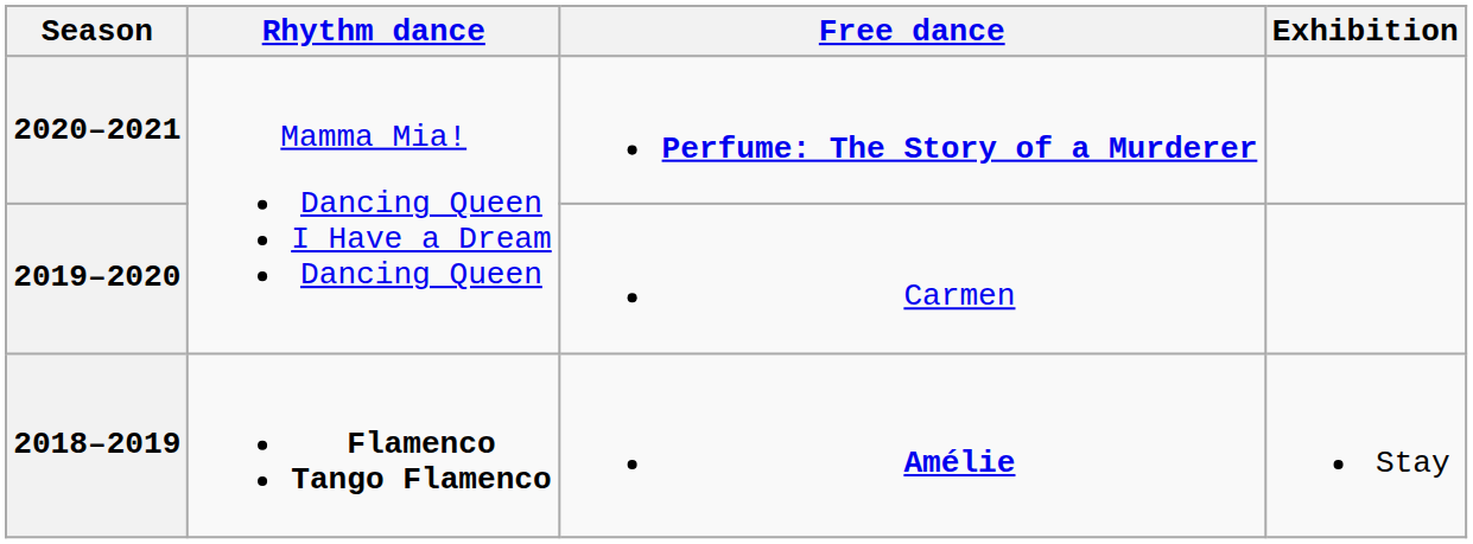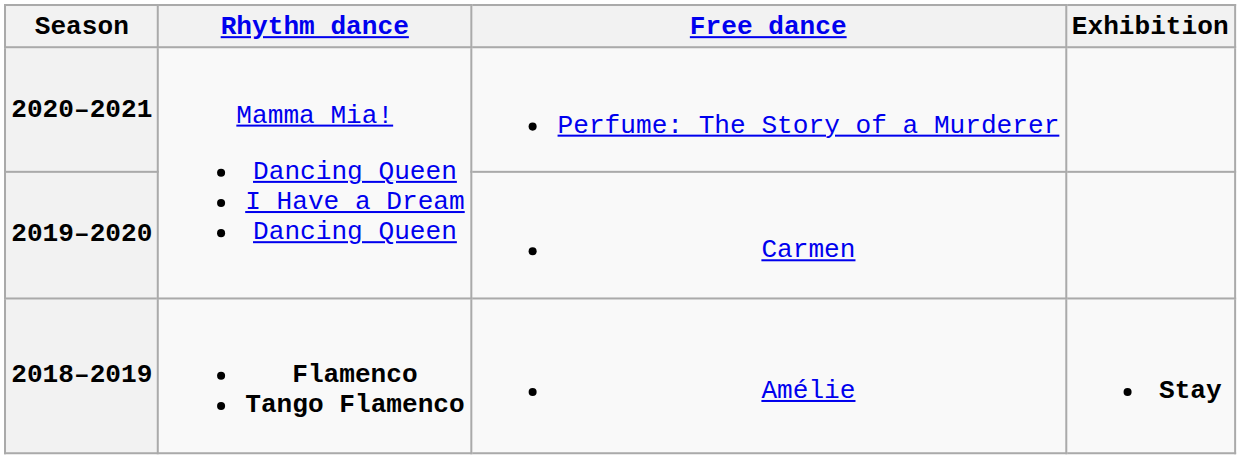 <table class=wikitable style=text-align:center>
 <tr>
 <th>Season</th>
 <th><a href='#'>Rhythm dance</a></th>
 <th><a href='#'>Free dance</a></th>
 <th>Exhibition</th>
 </tr>
 <tr>
 <th>2020–2021</th>
 <td rowspan=2><br><a href='#'>Mamma Mia!</a><ul><li> <a href='#'>Dancing Queen</a></li><li> <a href='#'>I Have a Dream</a></li><li> <a href='#'>Dancing Queen</a></li></ul></td>
-<td><strong><br><ul><li><a href='#'>Perfume: The Story of a Murderer</a> <br></li></ul></strong></td>
+<td><br><ul><li><a href='#'>Perfume: The Story of a Murderer</a> <br></li></ul></td>
 <td></td>
 </tr>
 <tr>
 <th>2019–2020 <br> </th>
 <td><br><ul><li><a href='#'>Carmen</a> <br></li></ul></td>
 <td></td>
 </tr>
 <tr>
 <th>2018–2019 <br> </th>
 <td><strong><br><ul><li> Flamenco <br></li><li> Tango Flamenco <br></li></ul></strong></td>
-<td><strong><br><ul><li><a href='#'>Amélie</a> <br></li></ul></strong></td>
-<td><br><ul><li>Stay <br></li></ul></td>
+<td><br><ul><li><a href='#'>Amélie</a> <br></li></ul></td>
+<td><strong><br><ul><li>Stay <br></li></ul></strong></td>
 </tr>
 </table>
